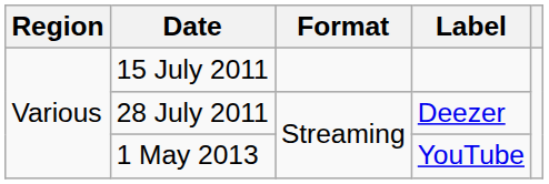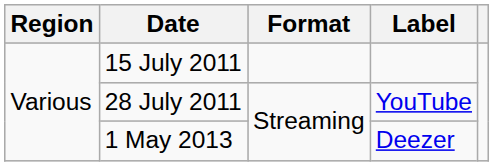 <table class="wikitable plainrowheaders">
 <tr>
 <th scope="col">Region</th>
 <th scope="col">Date</th>
 <th scope="col">Format</th>
 <th scope="col">Label</th>
 <th scope="col"></th>
 </tr>
 <tr>
 <td rowspan="3">Various</td>
 <td>15 July 2011</td>
 <td></td>
 <td></td>
 <td rowspan="3"></td>
 </tr>
 <tr>
 <td>28 July 2011</td>
 <td rowspan="2">Streaming</td>
-<td><a href='#'>Deezer</a></td>
+<td><a href='#'>YouTube</a></td>
 </tr>
 <tr>
 <td>1 May 2013</td>
-<td><a href='#'>YouTube</a></td>
+<td><a href='#'>Deezer</a></td>
 </tr>
 </table>
